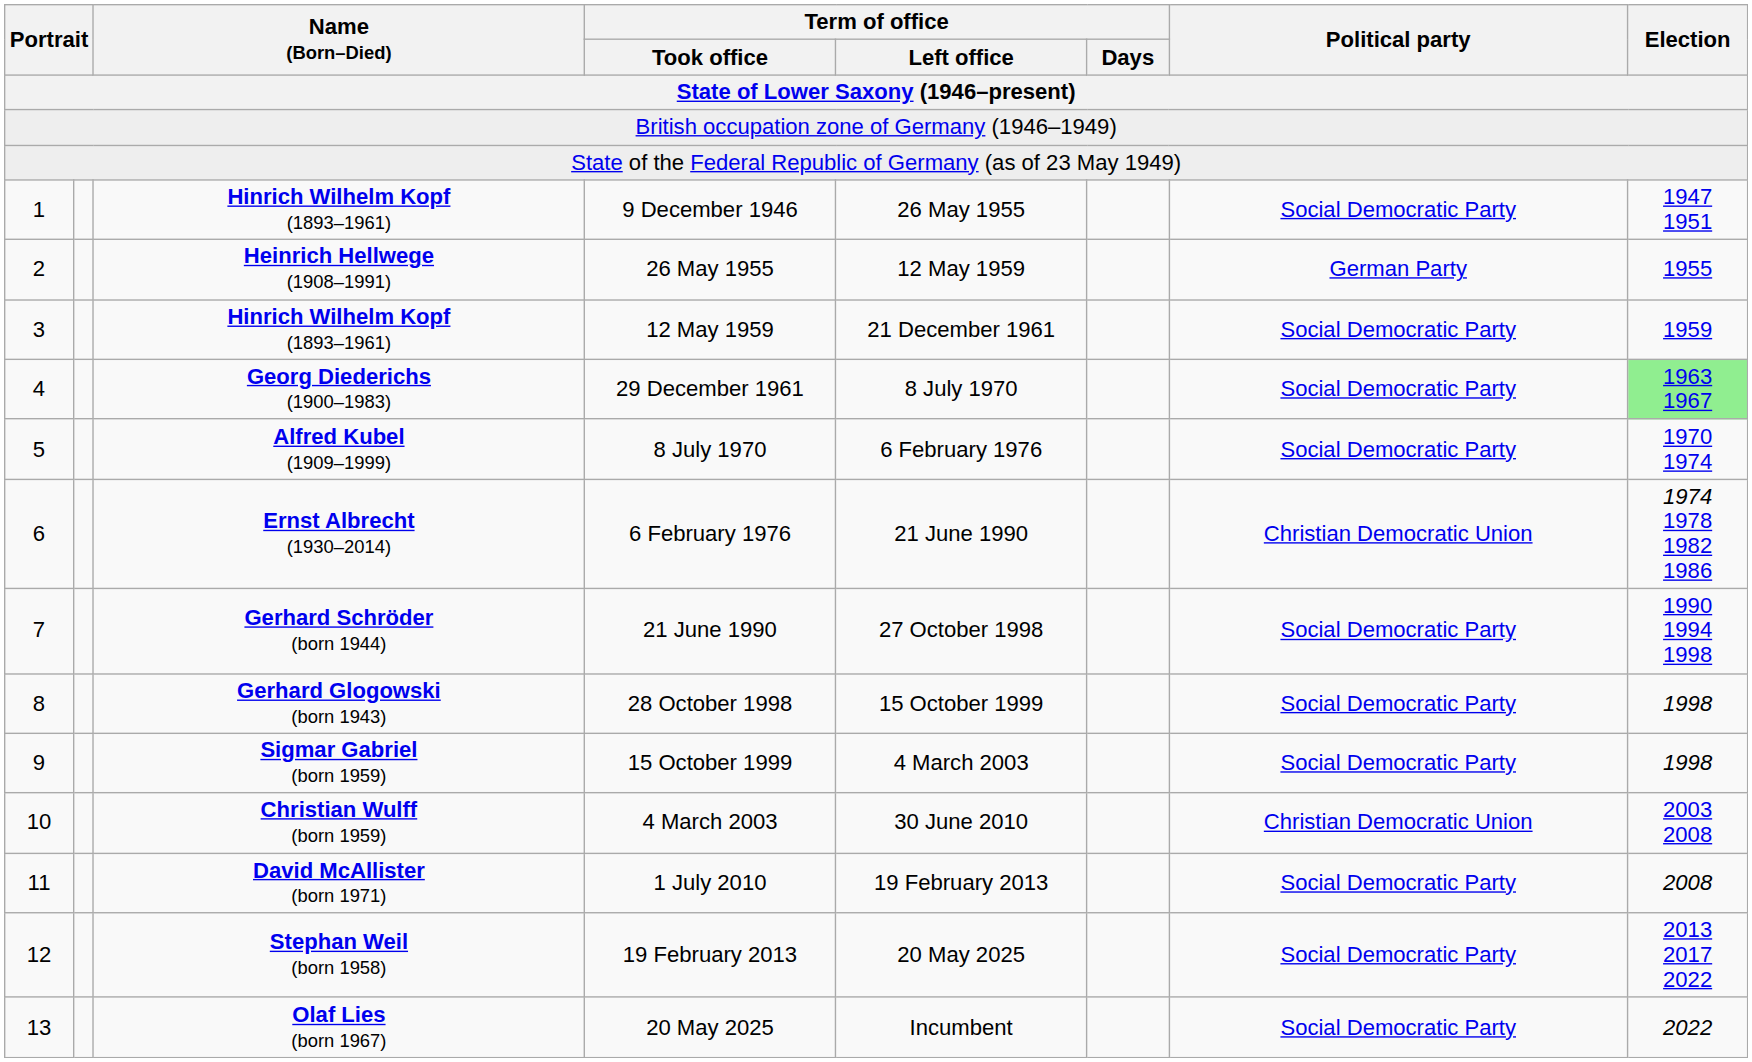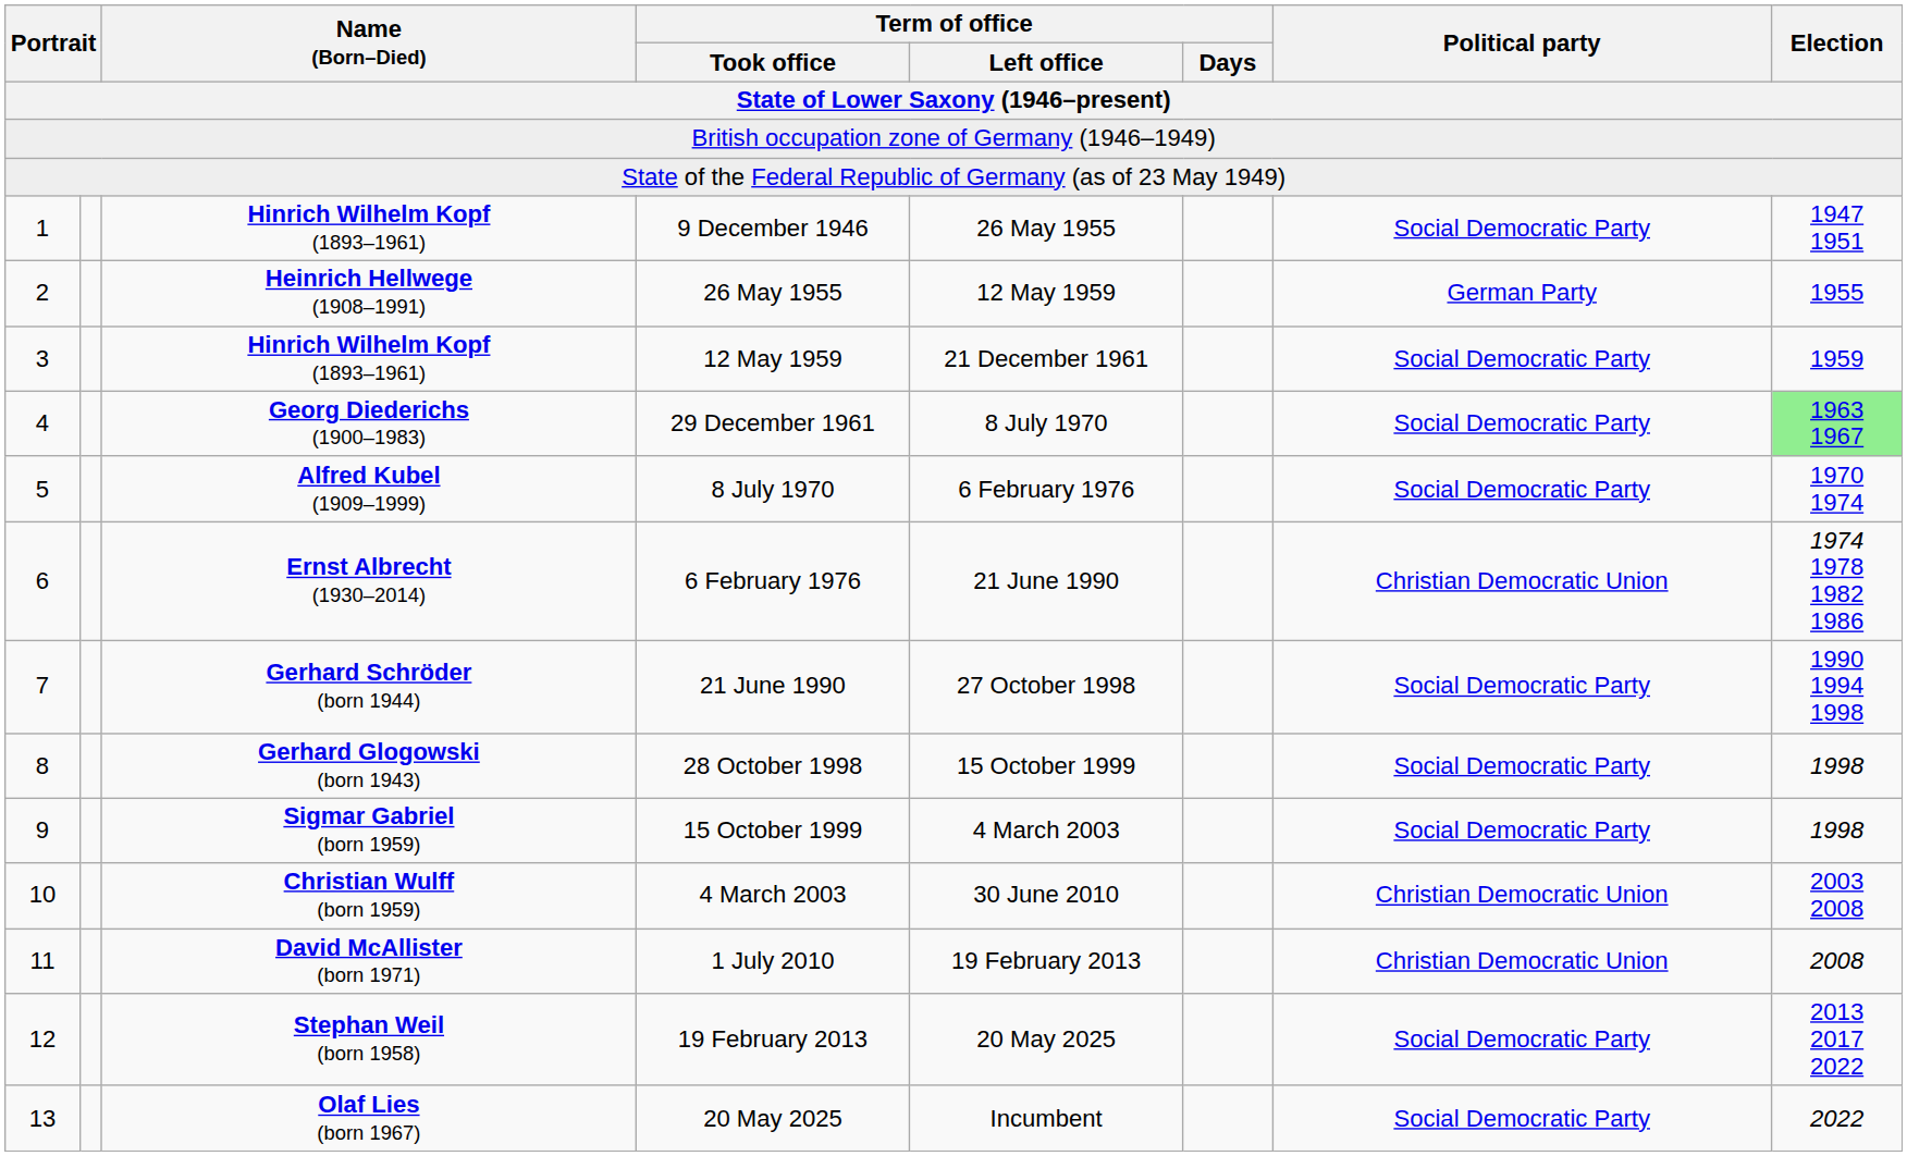 <table class="wikitable" style="text-align:center; width:100%; border:1px #AAAAFF solid">
 <tr>
 <th width=80px rowspan=2 colspan=2>Portrait</th>
 <th width=30% rowspan=2>Name<br><small>(Born–Died)</small></th>
 <th width=35% colspan=3>Term of office</th>
 <th width=28% rowspan=2>Political party</th>
 <th width=28% rowspan=2>Election</th>
 </tr>
 <tr>
 <th>Took office</th>
 <th>Left office</th>
 <th>Days</th>
 </tr>
 <tr>
 <th colspan="8"><a href='#'>State of Lower Saxony</a> (1946–present)</th>
 </tr>
 <tr>
 <td bgcolor=#EEEEEE colspan=8><a href='#'>British occupation zone of Germany</a> (1946–1949)</td>
 </tr>
 <tr>
 <td bgcolor=#EEEEEE colspan=8><a href='#'>State</a> of the <a href='#'>Federal Republic of Germany</a> (as of 23 May 1949)</td>
 </tr>
 <tr>
 <td style="background:">1</td>
 <td></td>
 <td><strong><a href='#'>Hinrich Wilhelm Kopf</a></strong><br><small>(1893–1961)</small></td>
 <td>9 December 1946</td>
 <td>26 May 1955</td>
 <td></td>
 <td><a href='#'>Social Democratic Party</a></td>
 <td><a href='#'>1947</a><br><a href='#'>1951</a></td>
 </tr>
 <tr>
 <td style="background:">2</td>
 <td></td>
 <td><strong><a href='#'>Heinrich Hellwege</a></strong><br><small>(1908–1991)</small></td>
 <td>26 May 1955</td>
 <td>12 May 1959</td>
 <td></td>
 <td><a href='#'>German Party</a></td>
 <td><a href='#'>1955</a></td>
 </tr>
 <tr>
 <td style="background:">3<br></td>
 <td></td>
 <td><strong><a href='#'>Hinrich Wilhelm Kopf</a></strong><br><small>(1893–1961)</small></td>
 <td>12 May 1959</td>
 <td>21 December 1961<br></td>
 <td></td>
 <td><a href='#'>Social Democratic Party</a></td>
 <td><a href='#'>1959</a></td>
 </tr>
 <tr>
 <td style="background:">4</td>
 <td></td>
 <td><strong><a href='#'>Georg Diederichs</a></strong><br><small>(1900–1983)</small></td>
 <td>29 December 1961</td>
 <td>8 July 1970</td>
 <td></td>
 <td><a href='#'>Social Democratic Party</a></td>
 <td style="background: lightgreen;"><a href='#'>1963</a><br><a href='#'>1967</a></td>
 </tr>
 <tr>
 <td style="background:">5</td>
 <td></td>
 <td><strong><a href='#'>Alfred Kubel</a></strong><br><small>(1909–1999)</small></td>
 <td>8 July 1970</td>
 <td>6 February 1976<br></td>
 <td></td>
 <td><a href='#'>Social Democratic Party</a></td>
 <td><a href='#'>1970</a><br><a href='#'>1974</a></td>
 </tr>
 <tr>
 <td style="background:">6</td>
 <td></td>
 <td><strong><a href='#'>Ernst Albrecht</a></strong><br><small>(1930–2014)</small></td>
 <td>6 February 1976</td>
 <td>21 June 1990</td>
 <td></td>
 <td><a href='#'>Christian Democratic Union</a></td>
 <td><em>1974</em><br><a href='#'>1978</a><br><a href='#'>1982</a><br><a href='#'>1986</a></td>
 </tr>
 <tr>
 <td style="background:">7</td>
 <td></td>
 <td><strong><a href='#'>Gerhard Schröder</a></strong><br><small>(born 1944)</small></td>
 <td>21 June 1990</td>
 <td>27 October 1998<br></td>
 <td></td>
 <td><a href='#'>Social Democratic Party</a></td>
 <td><a href='#'>1990</a><br><a href='#'>1994</a><br><a href='#'>1998</a></td>
 </tr>
 <tr>
 <td style="background:">8</td>
 <td></td>
 <td><strong><a href='#'>Gerhard Glogowski</a></strong><br><small>(born 1943)</small></td>
 <td>28 October 1998</td>
 <td>15 October 1999<br></td>
 <td></td>
 <td><a href='#'>Social Democratic Party</a></td>
 <td><em>1998</em></td>
 </tr>
 <tr>
 <td style="background:">9</td>
 <td></td>
 <td><strong><a href='#'>Sigmar Gabriel</a></strong><br><small>(born 1959)</small></td>
 <td>15 October 1999</td>
 <td>4 March 2003</td>
 <td></td>
 <td><a href='#'>Social Democratic Party</a></td>
 <td><em>1998</em></td>
 </tr>
 <tr>
 <td style="background:">10</td>
 <td></td>
 <td><strong><a href='#'>Christian Wulff</a></strong><br><small>(born 1959)</small></td>
 <td>4 March 2003</td>
 <td>30 June 2010<br></td>
 <td></td>
 <td><a href='#'>Christian Democratic Union</a></td>
 <td><a href='#'>2003</a><br><a href='#'>2008</a></td>
 </tr>
 <tr>
 <td style="background:">11</td>
 <td></td>
 <td><strong><a href='#'>David McAllister</a></strong><br><small>(born 1971)</small></td>
 <td>1 July 2010</td>
 <td>19 February 2013</td>
 <td></td>
-<td><a href='#'>Social Democratic Party</a></td>
+<td><a href='#'>Christian Democratic Union</a></td>
 <td><em>2008</em></td>
 </tr>
 <tr>
 <td style="background:">12</td>
 <td></td>
 <td><strong><a href='#'>Stephan Weil</a></strong><br><small>(born 1958)</small></td>
 <td>19 February 2013</td>
 <td>20 May 2025</td>
 <td></td>
 <td><a href='#'>Social Democratic Party</a></td>
 <td><a href='#'>2013</a><br><a href='#'>2017</a><br><a href='#'>2022</a></td>
 </tr>
 <tr>
 <td style="background:">13</td>
 <td></td>
 <td><strong><a href='#'>Olaf Lies</a></strong><br><small>(born 1967)</small></td>
 <td>20 May 2025</td>
 <td>Incumbent</td>
 <td></td>
 <td><a href='#'>Social Democratic Party</a></td>
 <td><em>2022</em></td>
 </tr>
 </table>
